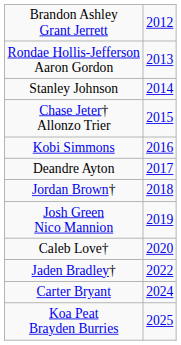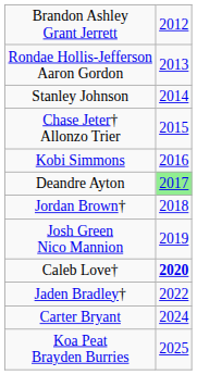 <table class="wikitable" style="text-align:center;">
 <tr>
 <td>Brandon Ashley <br> <a href='#'>Grant Jerrett</a></td>
 <td><a href='#'>2012</a></td>
 </tr>
 <tr>
 <td><a href='#'>Rondae Hollis-Jefferson</a> <br> Aaron Gordon</td>
 <td><a href='#'>2013</a></td>
 </tr>
 <tr>
 <td>Stanley Johnson</td>
 <td><a href='#'>2014</a></td>
 </tr>
 <tr>
 <td><a href='#'>Chase Jeter</a>† <br> Allonzo Trier</td>
 <td><a href='#'>2015</a></td>
 </tr>
 <tr>
 <td><a href='#'>Kobi Simmons</a></td>
 <td><a href='#'>2016</a></td>
 </tr>
 <tr>
 <td>Deandre Ayton</td>
-<td><a href='#'>2017</a></td>
+<td style="background: lightgreen;"><a href='#'>2017</a></td>
 </tr>
 <tr>
 <td><a href='#'>Jordan Brown</a>†</td>
 <td><a href='#'>2018</a></td>
 </tr>
 <tr>
 <td><a href='#'>Josh Green</a> <br> <a href='#'>Nico Mannion</a></td>
 <td><a href='#'>2019</a></td>
 </tr>
 <tr>
 <td>Caleb Love†</td>
-<td><a href='#'>2020</a></td>
+<td><strong><a href='#'>2020</a></strong></td>
 </tr>
 <tr>
 <td><a href='#'>Jaden Bradley</a>†</td>
 <td><a href='#'>2022</a></td>
 </tr>
 <tr>
 <td><a href='#'>Carter Bryant</a></td>
 <td><a href='#'>2024</a></td>
 </tr>
 <tr>
 <td><a href='#'>Koa Peat</a><br><a href='#'>Brayden Burries</a></td>
 <td><a href='#'>2025</a></td>
 </tr>
 </table>
